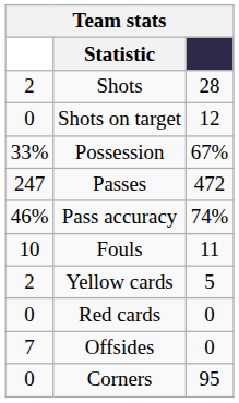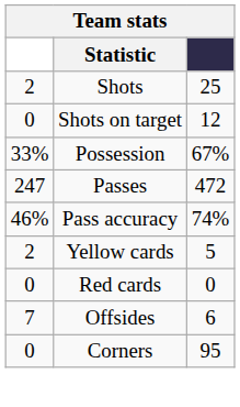 <table class="wikitable" style="margin-left: auto; margin-right: auto; border: none; text-align:center;">
 <tr>
 <th colspan=3>Team stats</th>
 </tr>
 <tr>
 <th style="background: #FFFFFF; color: #008000;"> <a href='#'></a></th>
 <th>Statistic</th>
 <th style="background: #2D2A4A; color: #FFFFFF;"> <a href='#'></a></th>
 </tr>
 <tr>
 <td>2</td>
 <td>Shots</td>
-<td>28</td>
+<td>25</td>
 </tr>
 <tr>
 <td>0</td>
 <td>Shots on target</td>
 <td>12</td>
 </tr>
 <tr>
 <td>33%</td>
 <td>Possession</td>
 <td>67%</td>
 </tr>
 <tr>
 <td>247</td>
 <td>Passes</td>
 <td>472</td>
 </tr>
 <tr>
 <td>46%</td>
 <td>Pass accuracy</td>
 <td>74%</td>
 </tr>
 <tr>
-<td>10</td>
-<td>Fouls</td>
-<td>11</td>
-</tr>
-<tr>
 <td>2</td>
 <td>Yellow cards</td>
 <td>5</td>
 </tr>
 <tr>
 <td>0</td>
 <td>Red cards</td>
 <td>0</td>
 </tr>
 <tr>
 <td>7</td>
 <td>Offsides</td>
-<td>0</td>
+<td>6</td>
 </tr>
 <tr>
 <td>0</td>
 <td>Corners</td>
 <td>95</td>
 </tr>
 </table>
